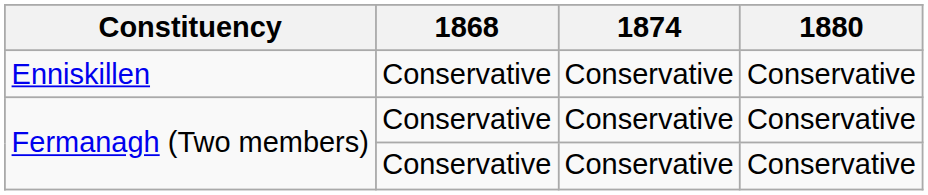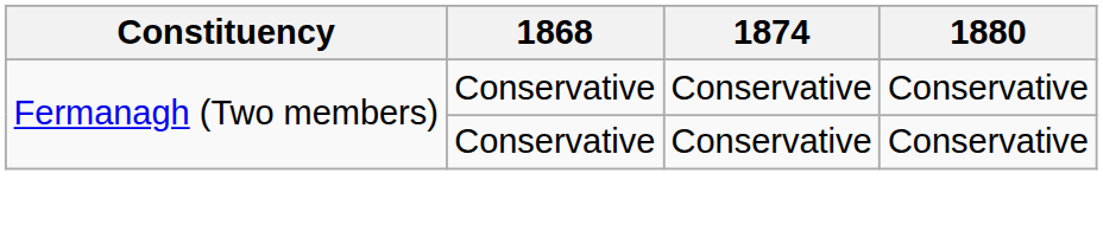 <table class="wikitable">
 <tr>
 <th>Constituency</th>
 <th>1868</th>
 <th>1874</th>
 <th>1880</th>
-</tr>
-<tr>
-<td><a href='#'>Enniskillen</a></td>
-<td>Conservative</td>
-<td>Conservative</td>
-<td>Conservative</td>
 </tr>
 <tr>
 <td rowspan="2"><a href='#'>Fermanagh</a> (Two members)</td>
 <td>Conservative</td>
 <td>Conservative</td>
 <td>Conservative</td>
 </tr>
 <tr>
 <td>Conservative</td>
 <td>Conservative</td>
 <td>Conservative</td>
 </tr>
 </table>
